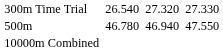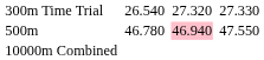 <table>
 <tr>
 <td>300m Time Trial</td>
 <td></td>
 <td>26.540</td>
 <td></td>
 <td>27.320</td>
 <td></td>
 <td>27.330</td>
 </tr>
 <tr>
 <td>500m</td>
 <td></td>
 <td>46.780</td>
 <td></td>
-<td>46.940</td>
+<td style="background: pink;">46.940</td>
 <td></td>
 <td>47.550</td>
 </tr>
 <tr>
 <td>10000m Combined</td>
 <td></td>
 <td></td>
 <td></td>
 <td></td>
 <td></td>
 <td></td>
 </tr>
 <tr>
 </tr>
 </table>
